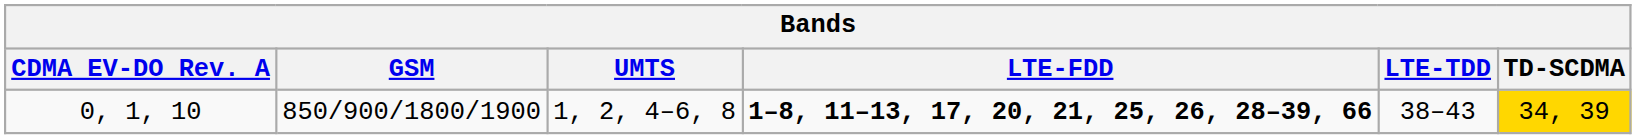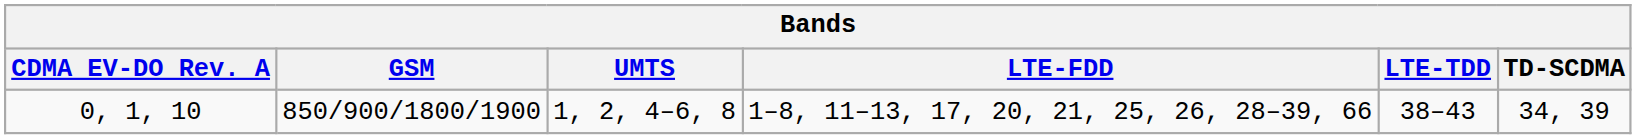 <table class="wikitable" style="text-align:center; white-space:nowrap;font-size:90%;">
 <tr>
 <th colspan="6">Bands</th>
 </tr>
 <tr>
 <th><a href='#'>CDMA EV-DO Rev. A</a><br></th>
 <th><a href='#'>GSM</a><br></th>
 <th><a href='#'>UMTS</a><br></th>
 <th><a href='#'>LTE-FDD</a><br></th>
 <th><a href='#'>LTE-TDD</a><br></th>
 <th>TD-SCDMA<br></th>
 </tr>
 <tr>
 <td>0, 1, 10</td>
 <td>850/900/1800/1900</td>
 <td>1, 2, 4–6, 8</td>
-<td style="text-align:left"><strong>1–8, 11–13, 17, 20, 21, 25, 26, 28–39, 66</strong></td>
+<td style="text-align:left">1–8, 11–13, 17, 20, 21, 25, 26, 28–39, 66</td>
 <td>38–43</td>
-<td style="background: gold;">34, 39</td>
+<td>34, 39</td>
 </tr>
 </table>
